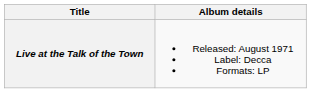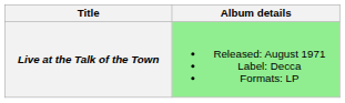 <table class="wikitable plainrowheaders" style="text-align:center;">
 <tr>
 <th scope="col" style="width:15em;">Title</th>
 <th scope="col" style="width:15em;">Album details</th>
 </tr>
 <tr>
 <th scope="row"><em>Live at the Talk of the Town</em></th>
-<td><br><ul><li>Released: August 1971</li><li>Label: Decca</li><li>Formats: LP</li></ul></td>
+<td style="background: lightgreen;"><br><ul><li>Released: August 1971</li><li>Label: Decca</li><li>Formats: LP</li></ul></td>
 </tr>
 </table>
